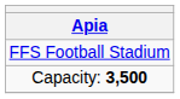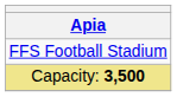 <table class="wikitable" style="text-align:center">
 <tr>
 <th></th>
 </tr>
 <tr>
 <th><a href='#'>Apia</a></th>
 </tr>
 <tr>
 <td><a href='#'>FFS Football Stadium</a></td>
 </tr>
 <tr>
-<td>Capacity: <strong>3,500</strong></td>
+<td style="background: khaki;">Capacity: <strong>3,500</strong></td>
 </tr>
 <tr>
 </tr>
 </table>
